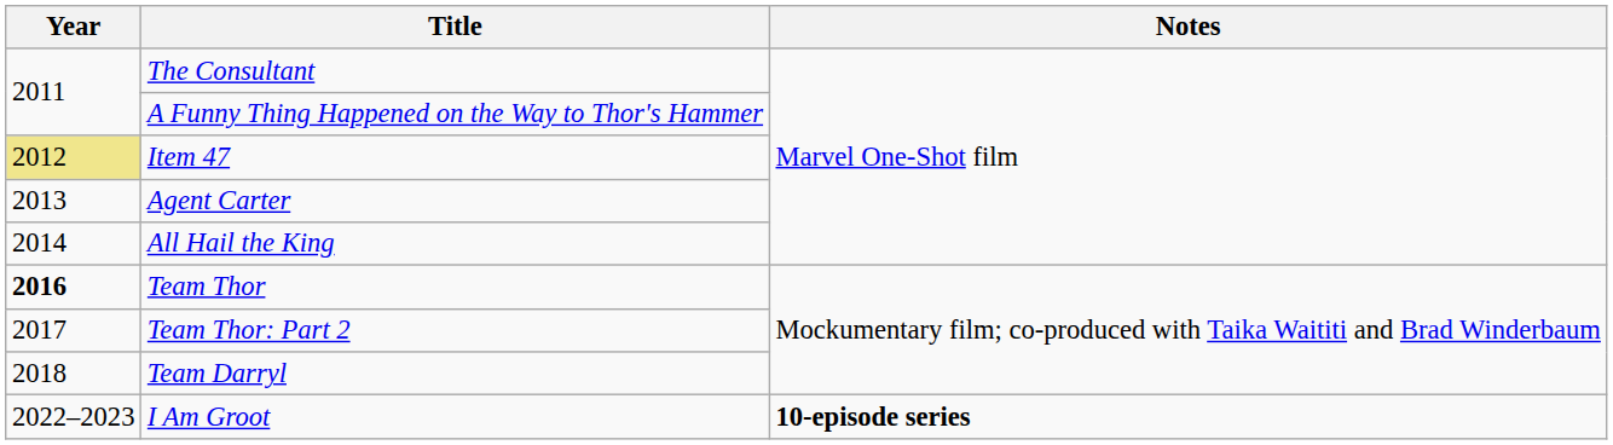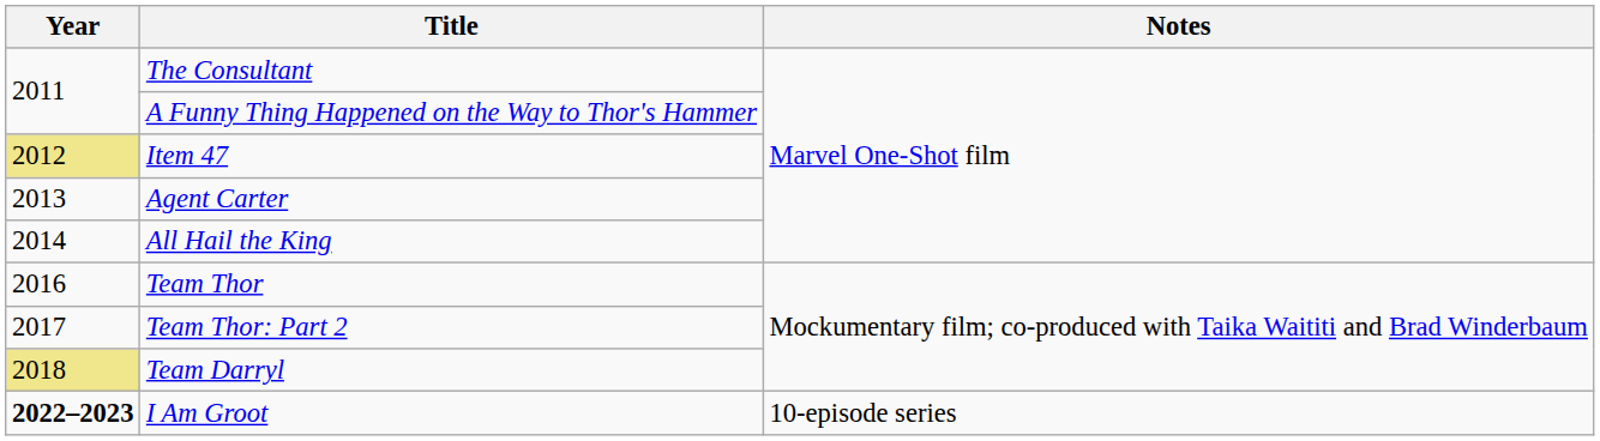 <table class="wikitable sortable">
 <tr>
 <th>Year</th>
 <th>Title</th>
 <th class="unsortable">Notes</th>
 </tr>
 <tr>
 <td rowspan="2">2011</td>
 <td><em><a href='#'>The Consultant</a></em></td>
 <td rowspan="5"><a href='#'>Marvel One-Shot</a> film</td>
 </tr>
 <tr>
 <td><em><a href='#'>A Funny Thing Happened on the Way to Thor's Hammer</a></em></td>
 </tr>
 <tr>
 <td style="background: khaki;">2012</td>
 <td><em><a href='#'>Item 47</a></em></td>
 </tr>
 <tr>
 <td>2013</td>
 <td><em><a href='#'>Agent Carter</a></em></td>
 </tr>
 <tr>
 <td>2014</td>
 <td><em><a href='#'>All Hail the King</a></em></td>
 </tr>
 <tr>
-<td><strong>2016</strong></td>
+<td>2016</td>
 <td><em><a href='#'>Team Thor</a></em></td>
 <td rowspan="3">Mockumentary film; co-produced with <a href='#'>Taika Waititi</a> and <a href='#'>Brad Winderbaum</a></td>
 </tr>
 <tr>
 <td>2017</td>
 <td><em><a href='#'>Team Thor: Part 2</a></em></td>
 </tr>
 <tr>
-<td>2018</td>
+<td style="background: khaki;">2018</td>
 <td><em><a href='#'>Team Darryl</a></em></td>
 </tr>
 <tr>
-<td>2022–2023</td>
+<td><strong>2022–2023</strong></td>
 <td><em><a href='#'>I Am Groot</a></em></td>
-<td><strong>10-episode series</strong></td>
+<td>10-episode series</td>
 </tr>
 </table>
